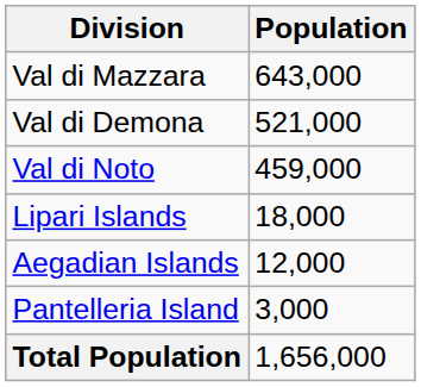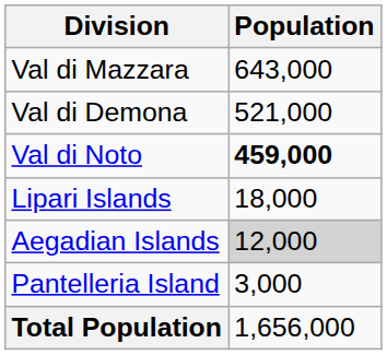 <table class="wikitable">
 <tr>
 <th>Division</th>
 <th>Population</th>
 </tr>
 <tr>
 <td>Val di Mazzara</td>
 <td>643,000</td>
 </tr>
 <tr>
 <td>Val di Demona</td>
 <td>521,000</td>
 </tr>
 <tr>
 <td><a href='#'>Val di Noto</a></td>
-<td>459,000</td>
+<td><strong>459,000</strong></td>
 </tr>
 <tr>
 <td><a href='#'>Lipari Islands</a></td>
 <td>18,000</td>
 </tr>
 <tr>
 <td><a href='#'>Aegadian Islands</a></td>
-<td>12,000</td>
+<td style="background: lightgrey;">12,000</td>
 </tr>
 <tr>
 <td><a href='#'>Pantelleria Island</a></td>
 <td>3,000</td>
 </tr>
 <tr>
 <th>Total Population</th>
 <td>1,656,000</td>
 </tr>
 </table>
